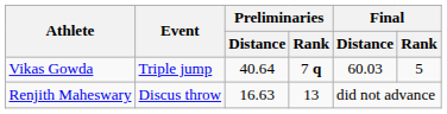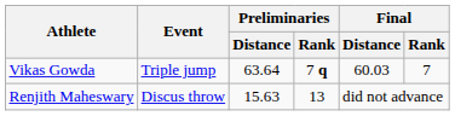 <table class=wikitable style="font-size:90%;">
 <tr>
 <th rowspan=2>Athlete</th>
 <th rowspan=2>Event</th>
 <th colspan=2>Preliminaries</th>
 <th colspan=2>Final</th>
 </tr>
 <tr>
 <th>Distance</th>
 <th>Rank</th>
 <th>Distance</th>
 <th>Rank</th>
 </tr>
 <tr>
 <td><a href='#'>Vikas Gowda</a></td>
 <td><a href='#'>Triple jump</a></td>
-<td align="center">40.64</td>
+<td align="center">63.64</td>
 <td align="center">7 <strong>q</strong></td>
 <td align="center">60.03</td>
-<td align="center">5</td>
+<td align="center">7</td>
 </tr>
 <tr>
 <td><a href='#'>Renjith Maheswary</a></td>
 <td><a href='#'>Discus throw</a></td>
-<td align="center">16.63</td>
+<td align="center">15.63</td>
 <td align="center">13</td>
 <td colspan=2>did not advance</td>
 </tr>
 </table>
